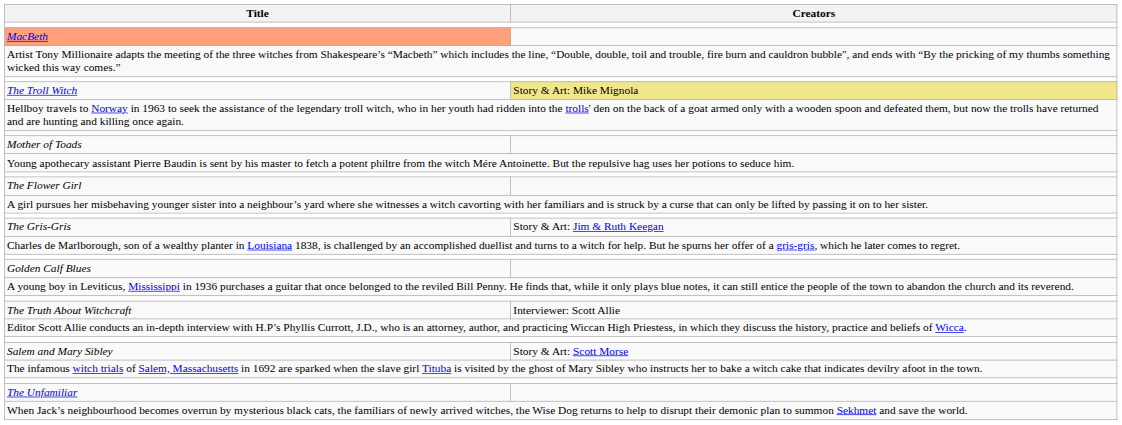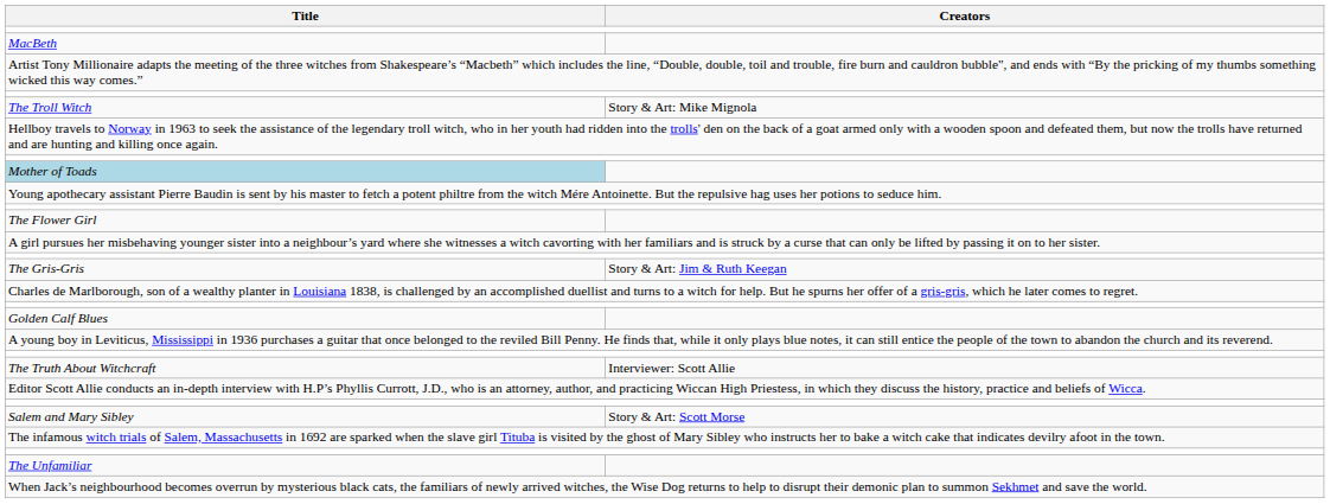 <table class="wikitable">
 <tr>
 <th>Title</th>
 <th>Creators</th>
 </tr>
 <tr>
 <td colspan="6" bgcolor="#FFFFFF"></td>
 </tr>
 <tr>
-<td style="background: lightsalmon;"><em><a href='#'>MacBeth</a></em></td>
+<td><em><a href='#'>MacBeth</a></em></td>
 <td></td>
 </tr>
 <tr>
 <td colspan="6">Artist Tony Millionaire adapts the meeting of the three witches from Shakespeare’s “Macbeth” which includes the line, “Double, double, toil and trouble, fire burn and cauldron bubble", and ends with “By the pricking of my thumbs something wicked this way comes.”</td>
 </tr>
 <tr>
 <td colspan="6" bgcolor="#FFFFFF"></td>
 </tr>
 <tr>
 <td><em><a href='#'>The Troll Witch</a></em></td>
-<td style="background: khaki;">Story & Art: Mike Mignola</td>
+<td>Story & Art: Mike Mignola</td>
 </tr>
 <tr>
 <td colspan="6">Hellboy travels to <a href='#'>Norway</a> in 1963 to seek the assistance of the legendary troll witch, who in her youth had ridden into the <a href='#'>trolls</a>' den on the back of a goat armed only with a wooden spoon and defeated them, but now the trolls have returned and are hunting and killing once again.</td>
 </tr>
 <tr>
 <td colspan="6" bgcolor="#FFFFFF"></td>
 </tr>
 <tr>
-<td><em>Mother of Toads</em></td>
+<td style="background: lightblue;"><em>Mother of Toads</em></td>
 <td></td>
 </tr>
 <tr>
 <td colspan="6">Young apothecary assistant Pierre Baudin is sent by his master to fetch a potent philtre from the witch Mére Antoinette. But the repulsive hag uses her potions to seduce him.</td>
 </tr>
 <tr>
 <td colspan="6" bgcolor="#FFFFFF"></td>
 </tr>
 <tr>
 <td><em>The Flower Girl</em></td>
 <td></td>
 </tr>
 <tr>
 <td colspan="6">A girl pursues her misbehaving younger sister into a neighbour’s yard where she witnesses a witch cavorting with her familiars and is struck by a curse that can only be lifted by passing it on to her sister.</td>
 </tr>
 <tr>
 <td colspan="6" bgcolor="#FFFFFF"></td>
 </tr>
 <tr>
 <td><em>The Gris-Gris</em></td>
 <td>Story & Art: <a href='#'>Jim & Ruth Keegan</a></td>
 </tr>
 <tr>
 <td colspan="6">Charles de Marlborough, son of a wealthy planter in <a href='#'>Louisiana</a> 1838, is challenged by an accomplished duellist and turns to a witch for help. But he spurns her offer of a <a href='#'>gris-gris</a>, which he later comes to regret.</td>
 </tr>
 <tr>
 <td colspan="6" bgcolor="#FFFFFF"></td>
 </tr>
 <tr>
 <td><em>Golden Calf Blues</em></td>
 <td></td>
 </tr>
 <tr>
 <td colspan="6">A young boy in Leviticus, <a href='#'>Mississippi</a> in 1936 purchases a guitar that once belonged to the reviled Bill Penny. He finds that, while it only plays blue notes, it can still entice the people of the town to abandon the church and its reverend.</td>
 </tr>
 <tr>
 <td colspan="6" bgcolor="#FFFFFF"></td>
 </tr>
 <tr>
 <td><em>The Truth About Witchcraft</em></td>
 <td>Interviewer: Scott Allie</td>
 </tr>
 <tr>
 <td colspan="6">Editor Scott Allie conducts an in-depth interview with H.P’s Phyllis Currott, J.D., who is an attorney, author, and practicing Wiccan High Priestess, in which they discuss the history, practice and beliefs of <a href='#'>Wicca</a>.</td>
 </tr>
 <tr>
 <td colspan="6" bgcolor="#FFFFFF"></td>
 </tr>
 <tr>
 <td><em>Salem and Mary Sibley</em></td>
 <td>Story & Art: <a href='#'>Scott Morse</a></td>
 </tr>
 <tr>
 <td colspan="6">The infamous <a href='#'>witch trials</a> of <a href='#'>Salem, Massachusetts</a> in 1692 are sparked when the slave girl <a href='#'>Tituba</a> is visited by the ghost of Mary Sibley who instructs her to bake a witch cake that indicates devilry afoot in the town.</td>
 </tr>
 <tr>
 <td colspan="6" bgcolor="#FFFFFF"></td>
 </tr>
 <tr>
 <td><em><a href='#'>The Unfamiliar</a></em></td>
 <td></td>
 </tr>
 <tr>
 <td colspan="6">When Jack’s neighbourhood becomes overrun by mysterious black cats, the familiars of newly arrived witches, the Wise Dog returns to help to disrupt their demonic plan to summon <a href='#'>Sekhmet</a> and save the world.</td>
 </tr>
 </table>
